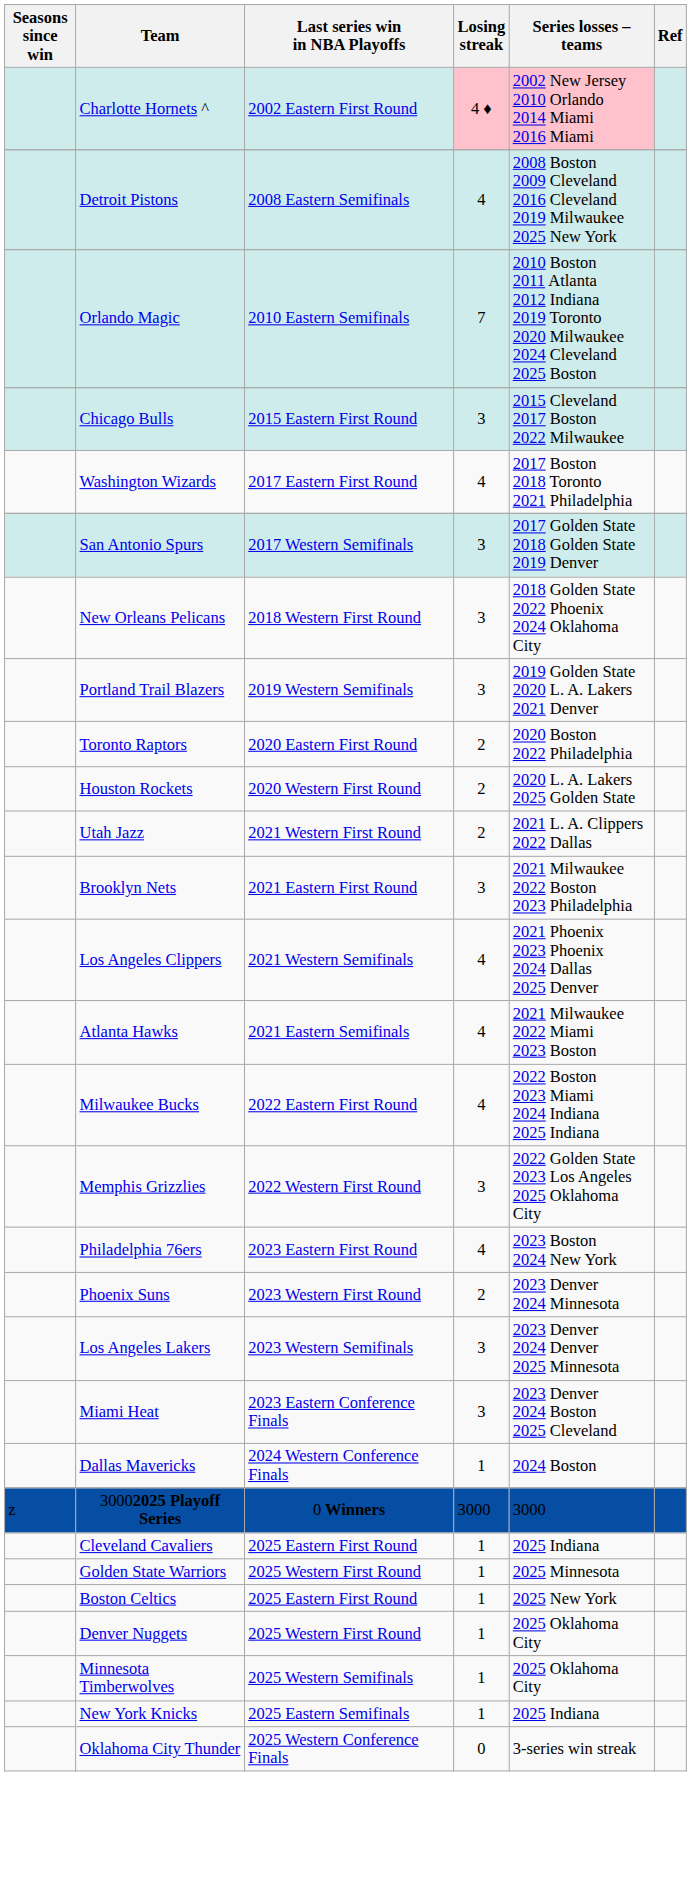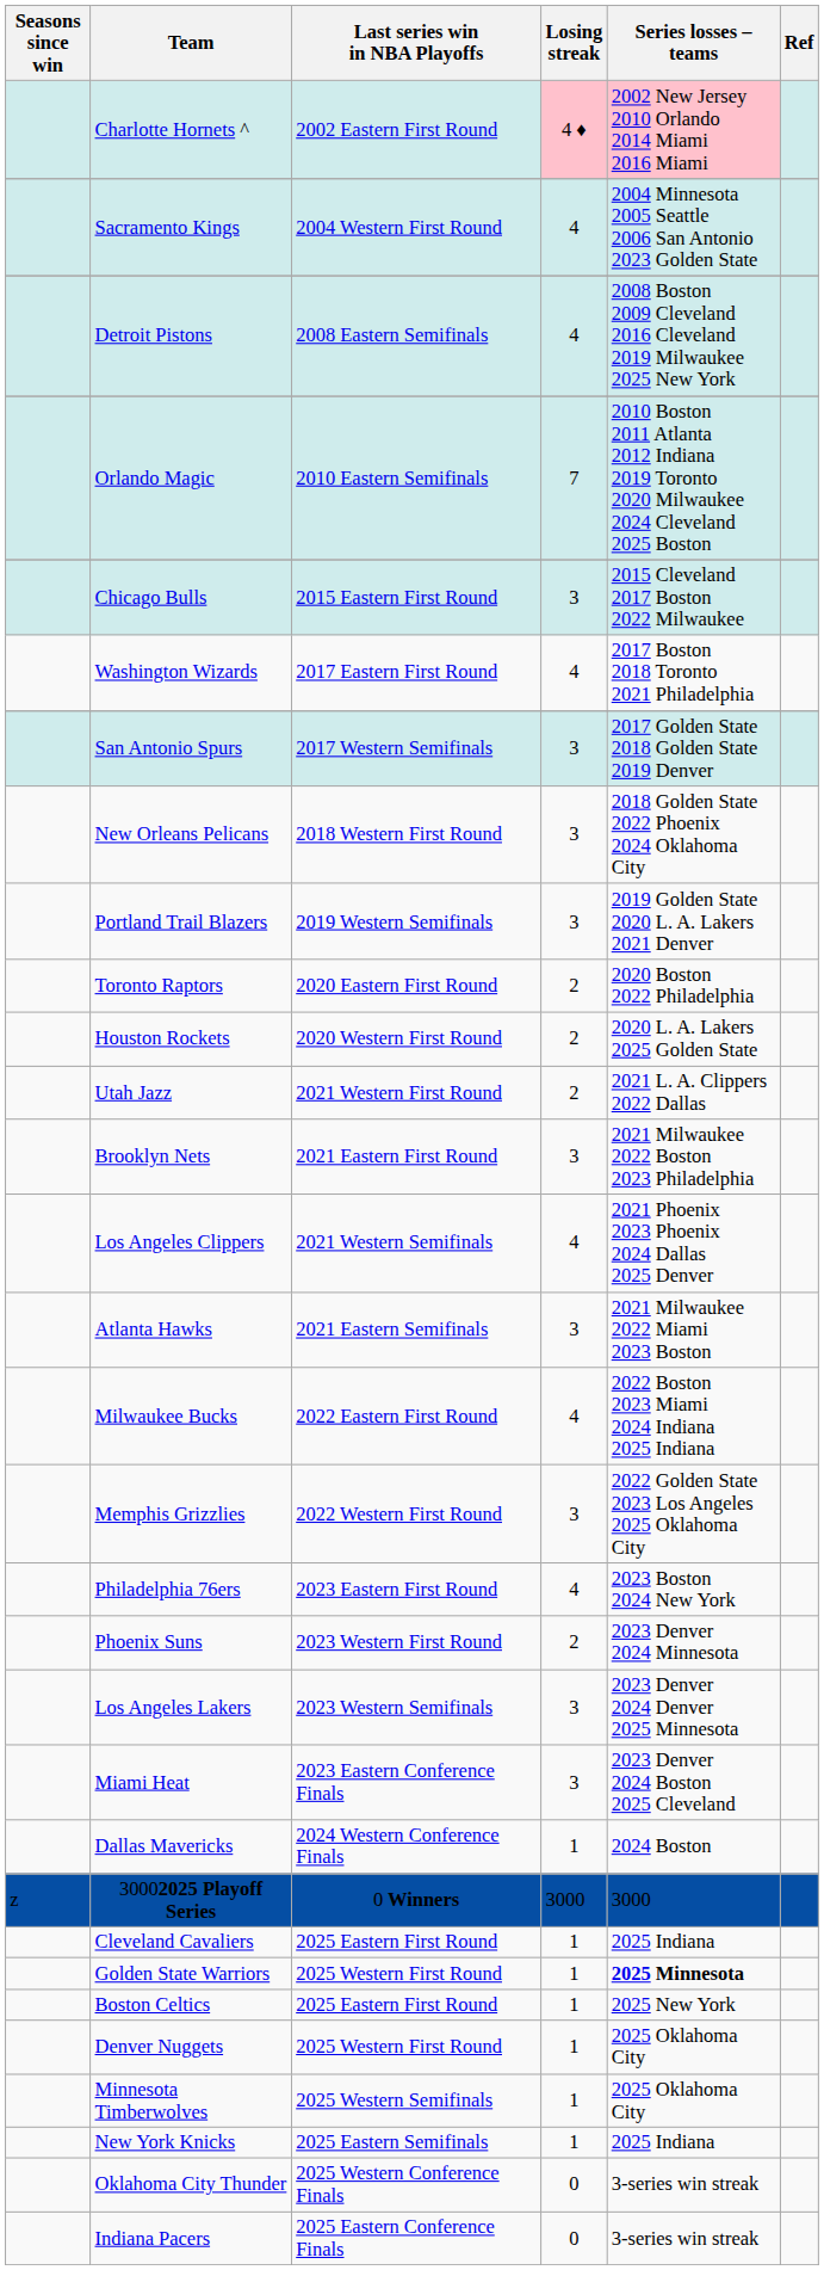 <table class="wikitable sortable" width="75%">
 <tr>
 <th data-sort-type="number">Seasons<br>since win</th>
 <th>Team</th>
 <th>Last series win<br>in NBA Playoffs</th>
 <th data-sort-type="number">Losing<br>streak</th>
 <th>Series losses – teams</th>
 <th class="unsortable">Ref</th>
 </tr>
 <tr bgcolor="#CFECEC">
 <td align="center"></td>
 <td><a href='#'>Charlotte Hornets</a> ^</td>
 <td><a href='#'>2002 Eastern First Round</a></td>
 <td bgcolor="#FFC1CC" align=center>4 ♦</td>
 <td bgcolor="#FFC1CC"><a href='#'>2002</a> New Jersey<br><a href='#'>2010</a> Orlando<br><a href='#'>2014</a> Miami<br><a href='#'>2016</a> Miami</td>
 <td></td>
 </tr>
 <tr>
+</tr>
+<tr bgcolor="#CFECEC">
+<td align="center"></td>
+<td><a href='#'>Sacramento Kings</a></td>
+<td><a href='#'>2004 Western First Round</a></td>
+<td align=center>4</td>
+<td align=left><a href='#'>2004</a> Minnesota<br><a href='#'>2005</a> Seattle<br><a href='#'>2006</a> San Antonio<br> <a href='#'>2023</a> Golden State</td>
+<td></td>
 </tr>
 <tr>
 </tr>
 <tr bgcolor="#CFECEC">
 <td align="center"></td>
 <td><a href='#'>Detroit Pistons</a></td>
 <td><a href='#'>2008 Eastern Semifinals</a></td>
 <td align=center>4</td>
 <td align=left><a href='#'>2008</a> Boston<br><a href='#'>2009</a> Cleveland<br><a href='#'>2016</a> Cleveland<br><a href='#'>2019</a> Milwaukee<br><a href='#'>2025</a> New York</td>
 <td></td>
 </tr>
 <tr>
 </tr>
 <tr bgcolor="#CFECEC">
 <td align="center"></td>
 <td><a href='#'>Orlando Magic</a></td>
 <td><a href='#'>2010 Eastern Semifinals</a></td>
 <td align=center>7</td>
 <td align=left><a href='#'>2010</a> Boston<br><a href='#'>2011</a> Atlanta<br><a href='#'>2012</a> Indiana<br><a href='#'>2019</a> Toronto<br> <a href='#'>2020</a> Milwaukee<br> <a href='#'>2024</a> Cleveland<br><a href='#'>2025</a> Boston</td>
 <td></td>
 </tr>
 <tr>
 </tr>
 <tr bgcolor="#CFECEC">
 <td align="center"></td>
 <td><a href='#'>Chicago Bulls</a></td>
 <td><a href='#'>2015 Eastern First Round</a></td>
 <td align=center>3</td>
 <td align=left><a href='#'>2015</a> Cleveland<br><a href='#'>2017</a> Boston<br><a href='#'>2022</a> Milwaukee</td>
 <td></td>
 </tr>
 <tr>
 <td align="center"></td>
 <td><a href='#'>Washington Wizards</a></td>
 <td><a href='#'>2017 Eastern First Round</a></td>
 <td align=center>4</td>
 <td align=left><a href='#'>2017</a> Boston<br><a href='#'>2018</a> Toronto<br><a href='#'>2021</a> Philadelphia</td>
 <td></td>
 </tr>
 <tr>
 </tr>
 <tr bgcolor="#CFECEC">
 <td align="center"></td>
 <td><a href='#'>San Antonio Spurs</a></td>
 <td><a href='#'>2017 Western Semifinals</a></td>
 <td align=center>3</td>
 <td align=left><a href='#'>2017</a> Golden State<br><a href='#'>2018</a> Golden State<br><a href='#'>2019</a> Denver</td>
 <td></td>
 </tr>
 <tr>
 <td align="center"></td>
 <td><a href='#'>New Orleans Pelicans</a></td>
 <td><a href='#'>2018 Western First Round</a></td>
 <td align="center">3</td>
 <td align="left"><a href='#'>2018</a> Golden State<br><a href='#'>2022</a> Phoenix<br><a href='#'>2024</a> Oklahoma City</td>
 <td></td>
 </tr>
 <tr>
 <td align="center"></td>
 <td><a href='#'>Portland Trail Blazers</a></td>
 <td><a href='#'>2019 Western Semifinals</a></td>
 <td align="center">3</td>
 <td align="left"><a href='#'>2019</a> Golden State<br><a href='#'>2020</a> L. A. Lakers<br><a href='#'>2021</a> Denver</td>
 <td></td>
 </tr>
 <tr>
 <td align="center"></td>
 <td><a href='#'>Toronto Raptors</a></td>
 <td><a href='#'>2020 Eastern First Round</a></td>
 <td align="center">2</td>
 <td align="left"><a href='#'>2020</a> Boston<br><a href='#'>2022</a> Philadelphia</td>
 <td></td>
 </tr>
 <tr>
 <td align="center"></td>
 <td><a href='#'>Houston Rockets</a></td>
 <td><a href='#'>2020 Western First Round</a></td>
 <td align="center">2</td>
 <td align="left"><a href='#'>2020</a> L. A. Lakers<br><a href='#'>2025</a> Golden State</td>
 <td></td>
 </tr>
 <tr>
 <td align="center"></td>
 <td><a href='#'>Utah Jazz</a></td>
 <td><a href='#'>2021 Western First Round</a></td>
 <td align="center">2</td>
 <td align="left"><a href='#'>2021</a> L. A. Clippers<br><a href='#'>2022</a> Dallas</td>
 <td></td>
 </tr>
 <tr>
 <td align="center"></td>
 <td><a href='#'>Brooklyn Nets</a></td>
 <td><a href='#'>2021 Eastern First Round</a></td>
 <td align="center">3</td>
 <td align="left"><a href='#'>2021</a> Milwaukee<br><a href='#'>2022</a> Boston<br><a href='#'>2023</a> Philadelphia</td>
 <td></td>
 </tr>
 <tr>
 <td align="center"></td>
 <td><a href='#'>Los Angeles Clippers</a></td>
 <td><a href='#'>2021 Western Semifinals</a></td>
 <td align="center">4</td>
 <td align="left"><a href='#'>2021</a> Phoenix<br><a href='#'>2023</a> Phoenix<br><a href='#'>2024</a> Dallas<br><a href='#'>2025</a> Denver</td>
 <td></td>
 </tr>
 <tr>
 <td align="center"></td>
 <td><a href='#'>Atlanta Hawks</a></td>
 <td><a href='#'>2021 Eastern Semifinals</a></td>
-<td align="center">4</td>
+<td align="center">3</td>
 <td align="left"><a href='#'>2021</a> Milwaukee<br><a href='#'>2022</a> Miami<br><a href='#'>2023</a> Boston</td>
 <td></td>
 </tr>
 <tr>
 <td align="center"></td>
 <td><a href='#'>Milwaukee Bucks</a></td>
 <td><a href='#'>2022 Eastern First Round</a></td>
 <td align="center">4</td>
 <td align="left"><a href='#'>2022</a> Boston<br><a href='#'>2023</a> Miami<br><a href='#'>2024</a> Indiana<br><a href='#'>2025</a> Indiana</td>
 <td></td>
 </tr>
 <tr>
 <td align="center"></td>
 <td><a href='#'>Memphis Grizzlies</a></td>
 <td><a href='#'>2022 Western First Round</a></td>
 <td align="center">3</td>
 <td align="left"><a href='#'>2022</a> Golden State<br><a href='#'>2023</a> Los Angeles<br><a href='#'>2025</a> Oklahoma City</td>
 <td></td>
 </tr>
 <tr>
 <td align="center"></td>
 <td><a href='#'>Philadelphia 76ers</a></td>
 <td><a href='#'>2023 Eastern First Round</a></td>
 <td align="center">4</td>
 <td align="left"><a href='#'>2023</a> Boston<br><a href='#'>2024</a> New York</td>
 <td></td>
 </tr>
 <tr>
 <td align="center"></td>
 <td><a href='#'>Phoenix Suns</a></td>
 <td><a href='#'>2023 Western First Round</a></td>
 <td align="center">2</td>
 <td align="left"><a href='#'>2023</a> Denver<br><a href='#'>2024</a> Minnesota</td>
 <td></td>
 </tr>
 <tr>
 <td align="center"></td>
 <td><a href='#'>Los Angeles Lakers</a></td>
 <td><a href='#'>2023 Western Semifinals</a></td>
 <td align="center">3</td>
 <td align="left"><a href='#'>2023</a> Denver<br><a href='#'>2024</a> Denver<br><a href='#'>2025</a> Minnesota</td>
 <td></td>
 </tr>
 <tr>
 <td align="center"></td>
 <td><a href='#'>Miami Heat</a></td>
 <td><a href='#'>2023 Eastern Conference Finals</a></td>
 <td align="center">3</td>
 <td align="left"><a href='#'>2023</a> Denver<br><a href='#'>2024</a> Boston<br><a href='#'>2025</a> Cleveland</td>
 <td></td>
 </tr>
 <tr>
 <td align="center"></td>
 <td><a href='#'>Dallas Mavericks</a></td>
 <td><a href='#'>2024 Western Conference Finals</a></td>
 <td align="center">1</td>
 <td align="left"><a href='#'>2024</a> Boston</td>
 <td></td>
 </tr>
 <tr>
 </tr>
 <tr bgcolor="#054ea4">
 <td><span>z</span></td>
 <td align=center><span>3000</span><span><strong>2025 Playoff Series</strong></span></td>
 <td align=center><span>0</span><span><strong> Winners</strong></span></td>
 <td><span>3000</span></td>
 <td><span>3000</span></td>
 <td></td>
 </tr>
 <tr>
 <td align="center"></td>
 <td><a href='#'>Cleveland Cavaliers</a></td>
 <td><a href='#'>2025 Eastern First Round</a></td>
 <td align="center">1</td>
 <td align="left"><a href='#'>2025</a> Indiana</td>
 <td></td>
 </tr>
 <tr>
 <td align="center"></td>
 <td><a href='#'>Golden State Warriors</a></td>
 <td><a href='#'>2025 Western First Round</a></td>
 <td align="center">1</td>
-<td align="left"><a href='#'>2025</a> Minnesota</td>
+<td align="left"><strong><a href='#'>2025</a> Minnesota</strong></td>
 <td></td>
 </tr>
 <tr>
 <td align="center"></td>
 <td><a href='#'>Boston Celtics</a></td>
 <td><a href='#'>2025 Eastern First Round</a></td>
 <td align="center">1</td>
 <td align="left"><a href='#'>2025</a> New York</td>
 <td></td>
 </tr>
 <tr>
 <td align="center"></td>
 <td><a href='#'>Denver Nuggets</a></td>
 <td><a href='#'>2025 Western First Round</a></td>
 <td align=center>1</td>
 <td align=left><a href='#'>2025</a> Oklahoma City</td>
 <td></td>
 </tr>
 <tr>
 <td align="center"></td>
 <td><a href='#'>Minnesota Timberwolves</a></td>
 <td><a href='#'>2025 Western Semifinals</a></td>
 <td align=center>1</td>
 <td align=left><a href='#'>2025</a> Oklahoma City</td>
 <td></td>
 </tr>
 <tr>
 <td align="center"></td>
 <td><a href='#'>New York Knicks</a></td>
 <td><a href='#'>2025 Eastern Semifinals</a></td>
 <td align="center">1</td>
 <td align="left"><a href='#'>2025</a> Indiana</td>
 <td></td>
 </tr>
 <tr>
 <td align="center"></td>
 <td><a href='#'>Oklahoma City Thunder</a></td>
 <td><a href='#'>2025 Western Conference Finals</a></td>
 <td align="center">0</td>
 <td align="left">3-series win streak</td>
 <td></td>
 </tr>
+<tr>
+<td align="center"></td>
+<td><a href='#'>Indiana Pacers</a></td>
+<td><a href='#'>2025 Eastern Conference Finals</a></td>
+<td align="center">0</td>
+<td align="left">3-series win streak</td>
+<td></td>
+</tr>
 </table>
